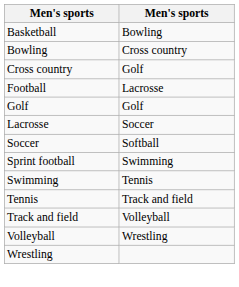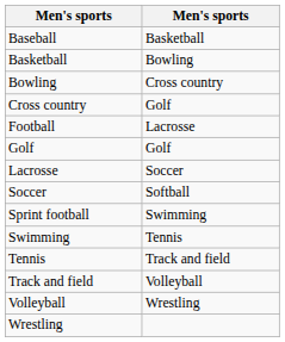 <table class="wikitable"; style= "text-align: ">
 <tr>
 <th width=150px>Men's sports</th>
 <th width=150px>Men's sports</th>
+</tr>
+<tr>
+<td>Baseball</td>
+<td>Basketball</td>
 </tr>
 <tr>
 <td>Basketball</td>
 <td>Bowling</td>
 </tr>
 <tr>
 <td>Bowling</td>
 <td>Cross country</td>
 </tr>
 <tr>
 <td>Cross country</td>
 <td>Golf</td>
 </tr>
 <tr>
 <td>Football</td>
 <td>Lacrosse</td>
 </tr>
 <tr>
 <td>Golf</td>
 <td>Golf</td>
 </tr>
 <tr>
 <td>Lacrosse</td>
 <td>Soccer</td>
 </tr>
 <tr>
 <td>Soccer</td>
 <td>Softball</td>
 </tr>
 <tr>
 <td>Sprint football</td>
 <td>Swimming</td>
 </tr>
 <tr>
 <td>Swimming</td>
 <td>Tennis</td>
 </tr>
 <tr>
 <td>Tennis</td>
 <td>Track and field</td>
 </tr>
 <tr>
 <td>Track and field</td>
 <td>Volleyball</td>
 </tr>
 <tr>
 <td>Volleyball</td>
 <td>Wrestling</td>
 </tr>
 <tr>
 <td>Wrestling</td>
 <td></td>
 </tr>
 </table>
